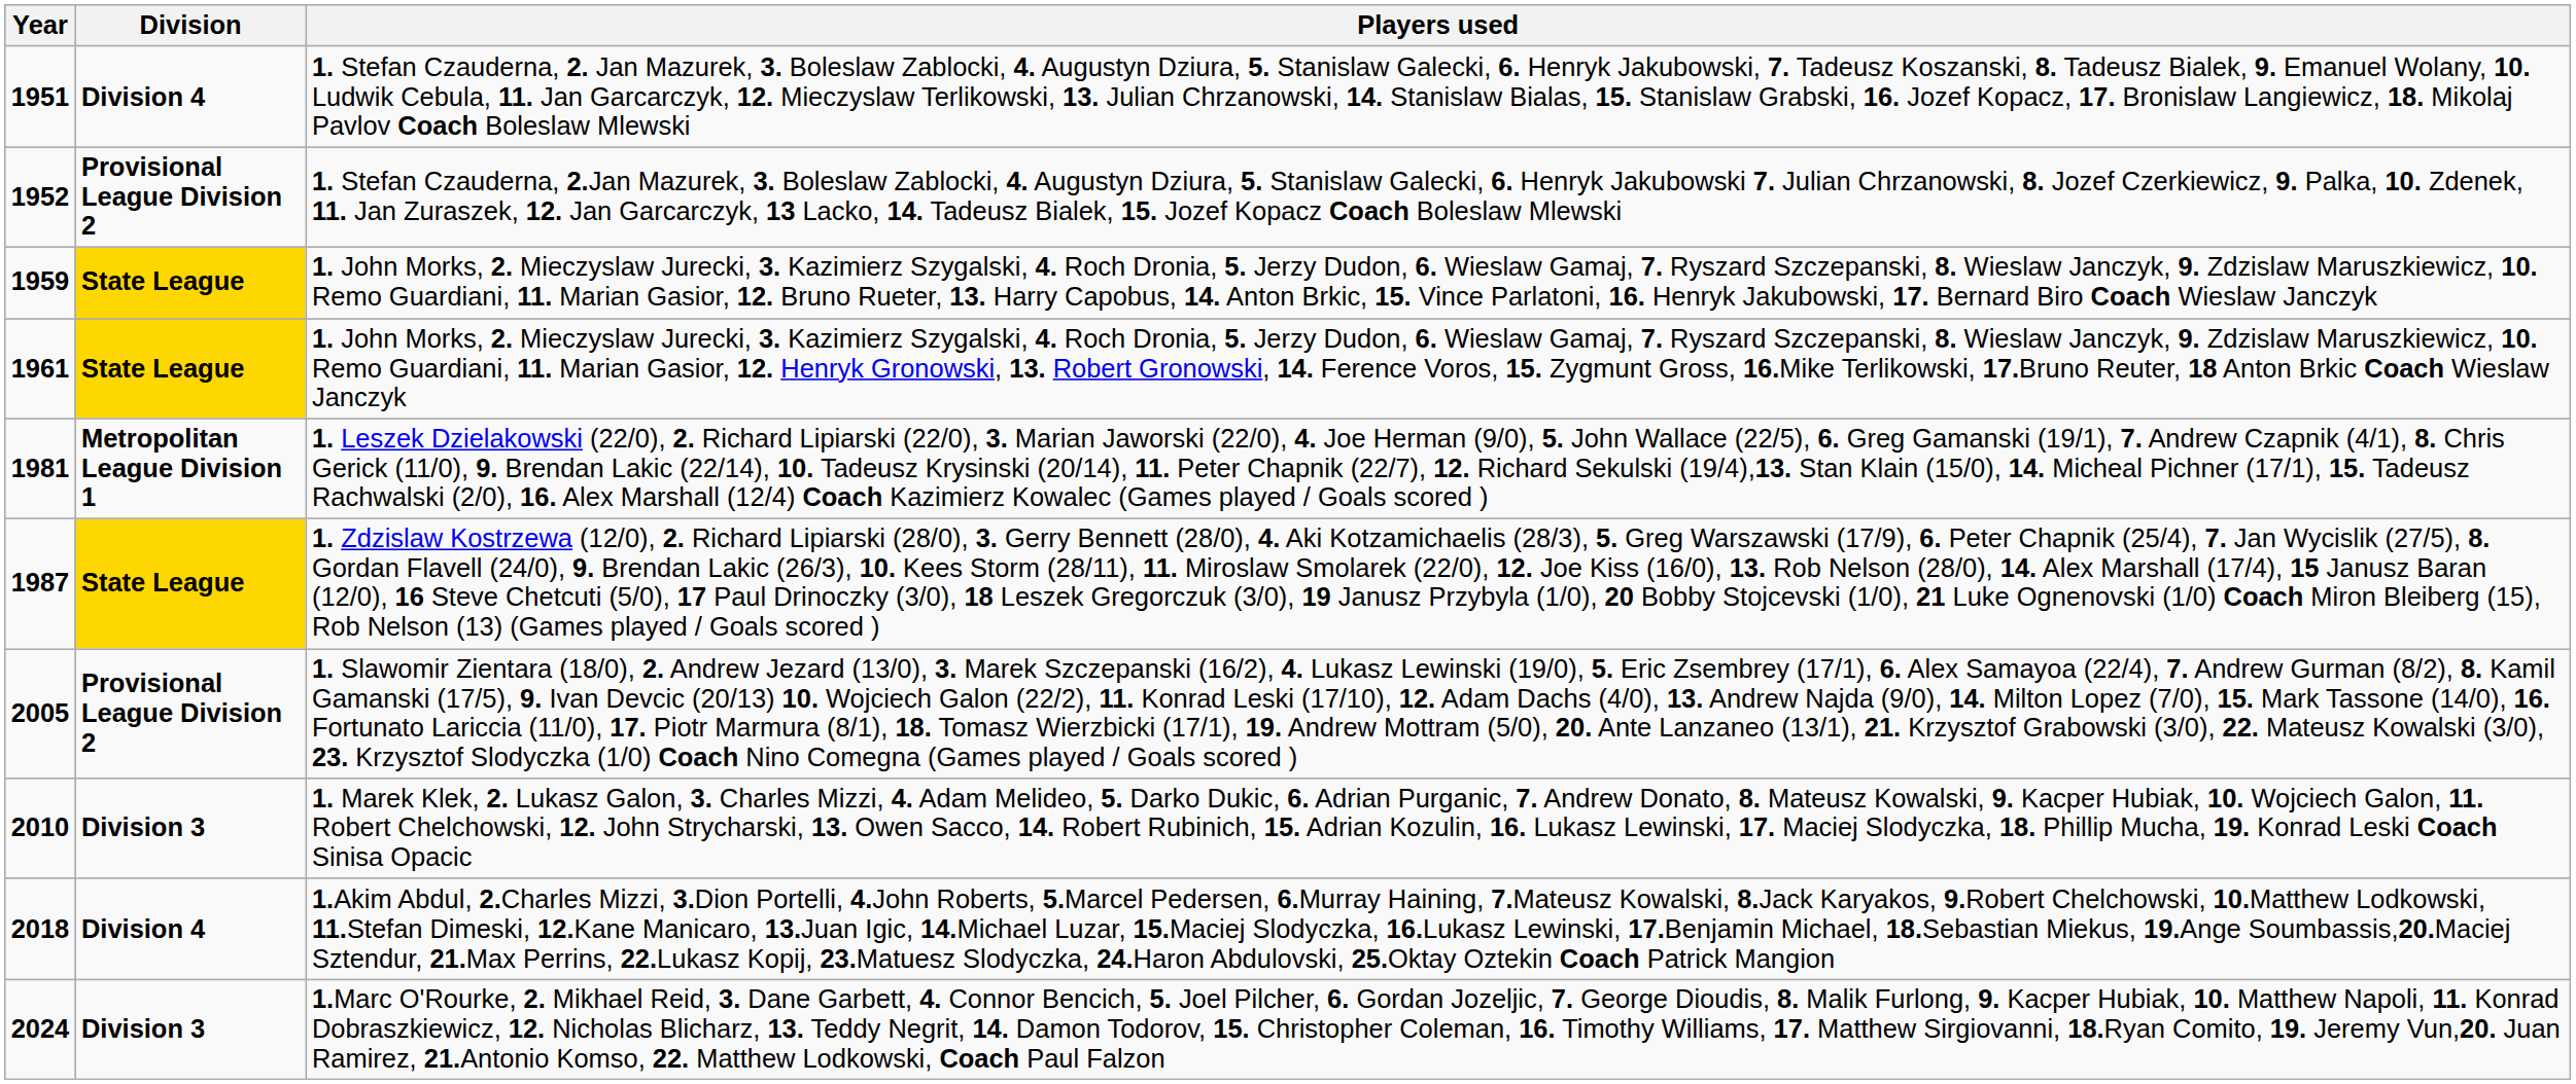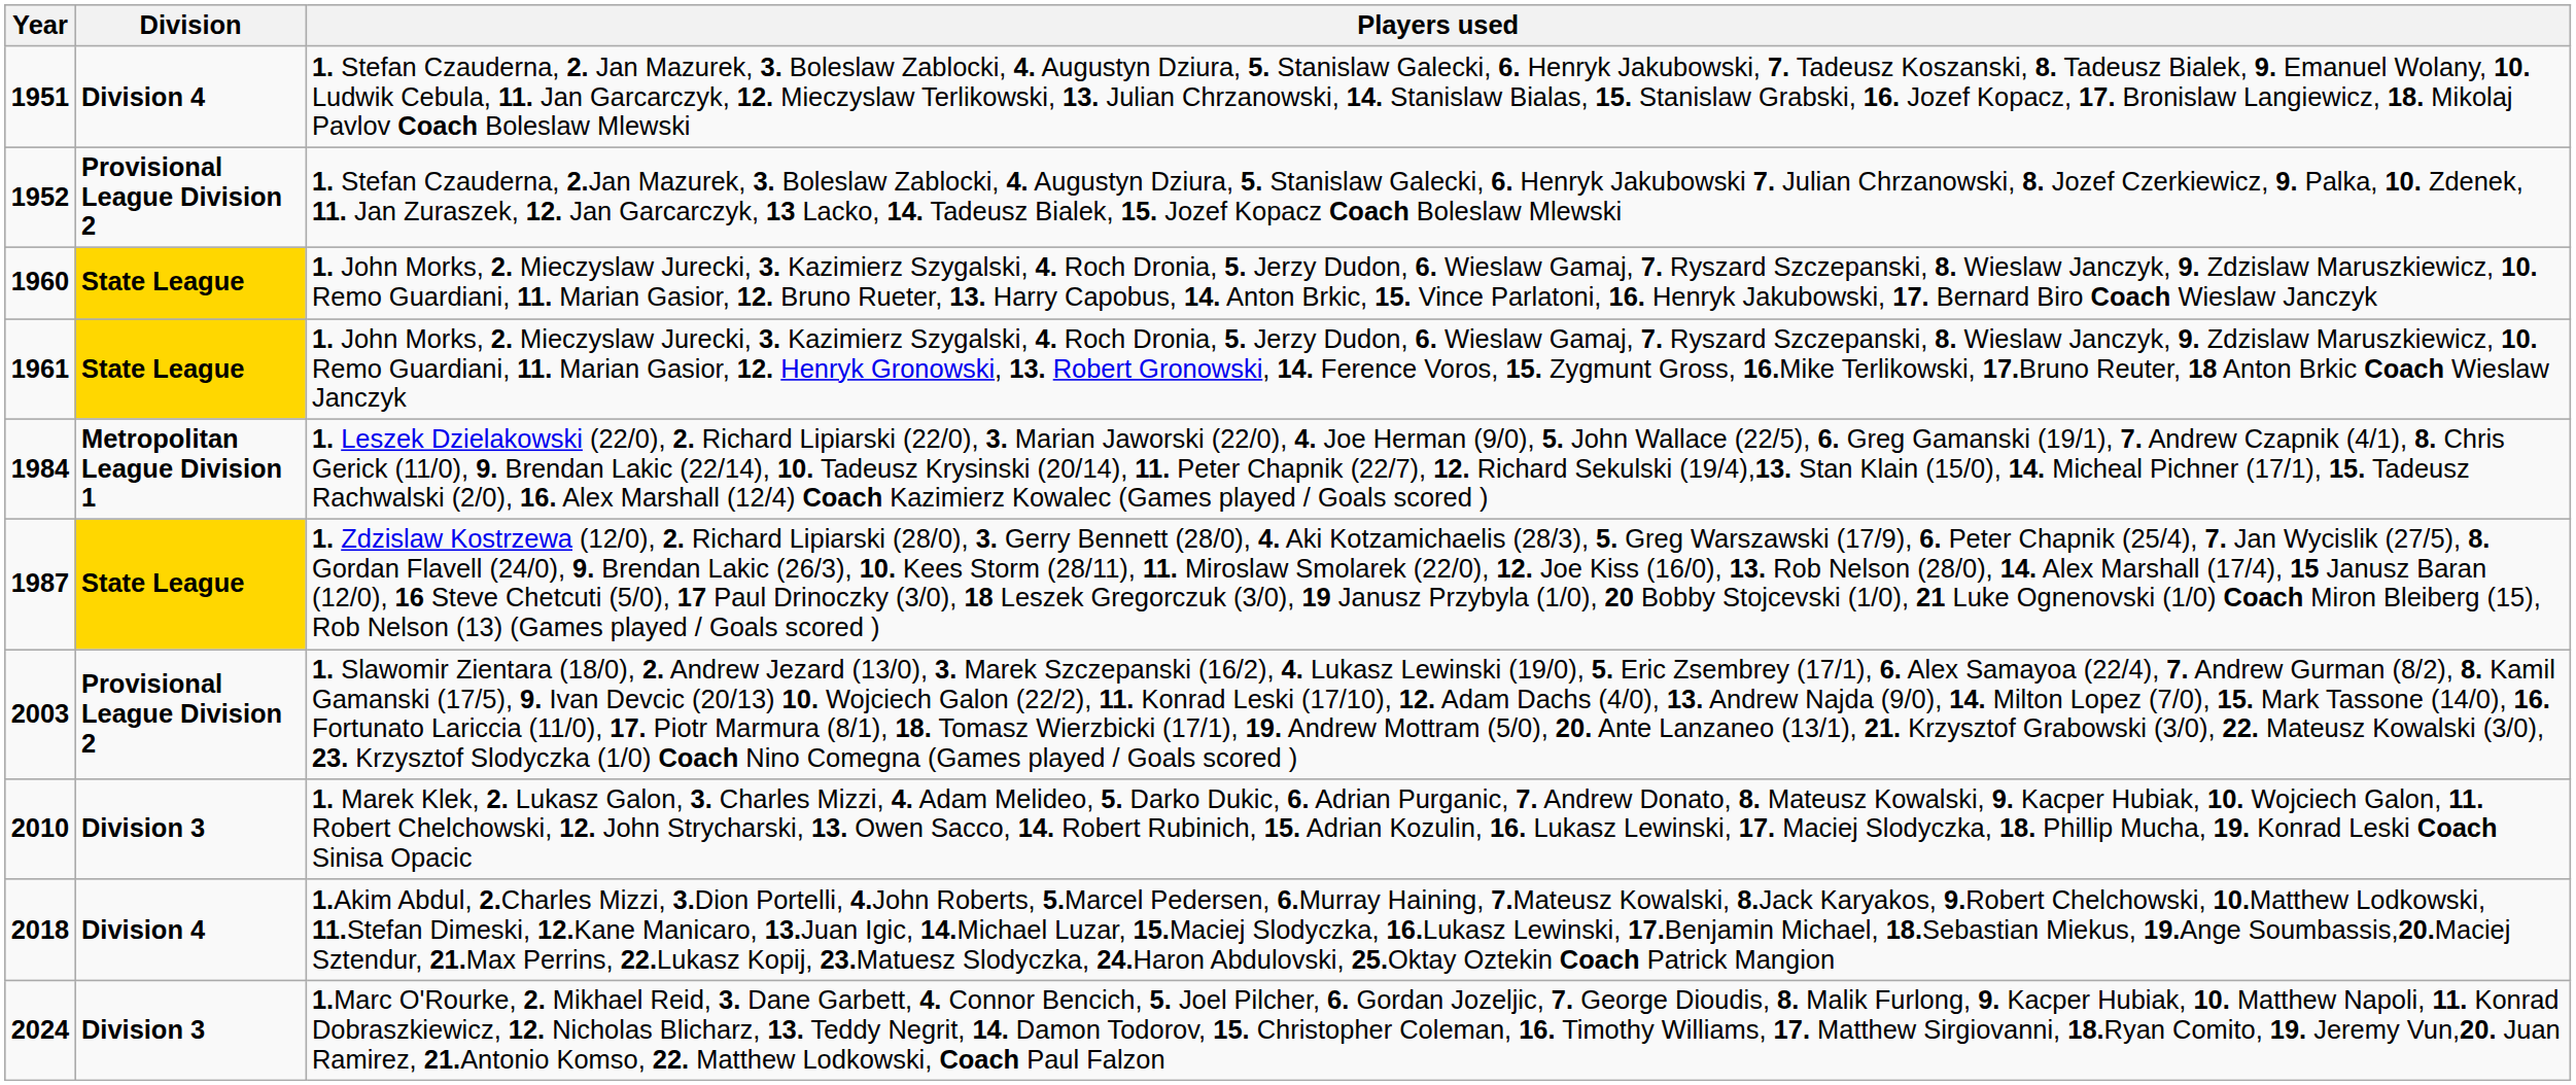 <table class="wikitable">
 <tr>
 <th>Year</th>
 <th>Division</th>
 <th>Players used</th>
 </tr>
 <tr>
 <td><strong>1951</strong></td>
 <td><strong>Division 4</strong></td>
 <td><strong>1.</strong> Stefan Czauderna, <strong>2.</strong> Jan Mazurek, <strong>3.</strong> Boleslaw Zablocki, <strong>4.</strong> Augustyn Dziura, <strong>5.</strong> Stanislaw Galecki, <strong>6.</strong> Henryk Jakubowski, <strong>7.</strong> Tadeusz Koszanski, <strong>8.</strong> Tadeusz Bialek, <strong>9.</strong> Emanuel Wolany, <strong>10.</strong> Ludwik Cebula, <strong>11.</strong> Jan Garcarczyk, <strong>12.</strong> Mieczyslaw Terlikowski, <strong>13.</strong> Julian Chrzanowski, <strong>14.</strong> Stanislaw Bialas, <strong>15.</strong> Stanislaw Grabski, <strong>16.</strong> Jozef Kopacz, <strong>17.</strong> Bronislaw Langiewicz, <strong>18.</strong> Mikolaj Pavlov <strong>Coach</strong> Boleslaw Mlewski</td>
 </tr>
 <tr>
 <td><strong>1952</strong></td>
 <td><strong>Provisional League Division 2</strong></td>
 <td><strong>1.</strong> Stefan Czauderna, <strong>2.</strong>Jan Mazurek, <strong>3.</strong> Boleslaw Zablocki, <strong>4.</strong> Augustyn Dziura, <strong>5.</strong> Stanislaw Galecki, <strong>6.</strong> Henryk Jakubowski <strong>7.</strong> Julian Chrzanowski, <strong>8.</strong>  Jozef Czerkiewicz, <strong>9.</strong> Palka, <strong>10.</strong> Zdenek, <strong>11.</strong> Jan Zuraszek, <strong>12.</strong> Jan Garcarczyk, <strong>13</strong> Lacko, <strong>14.</strong> Tadeusz Bialek, <strong>15.</strong> Jozef Kopacz  <strong>Coach</strong> Boleslaw Mlewski</td>
 </tr>
 <tr>
-<td><strong>1959</strong></td>
+<td><strong>1960</strong></td>
 <td bgcolor=gold><strong>State League</strong></td>
 <td><strong>1.</strong> John Morks, <strong>2.</strong> Mieczyslaw Jurecki, <strong>3.</strong> Kazimierz Szygalski, <strong>4.</strong> Roch Dronia, <strong>5.</strong> Jerzy Dudon, <strong>6.</strong> Wieslaw Gamaj, <strong>7.</strong> Ryszard Szczepanski, <strong>8.</strong> Wieslaw Janczyk, <strong>9.</strong> Zdzislaw Maruszkiewicz, <strong>10.</strong> Remo Guardiani, <strong>11.</strong> Marian Gasior, <strong>12.</strong> Bruno Rueter, <strong>13.</strong> Harry Capobus, <strong>14.</strong> Anton Brkic, <strong>15.</strong> Vince Parlatoni, <strong>16.</strong> Henryk Jakubowski, <strong>17.</strong> Bernard Biro <strong>Coach</strong> Wieslaw Janczyk</td>
 </tr>
 <tr>
 <td><strong>1961</strong></td>
 <td bgcolor=gold><strong>State League</strong></td>
 <td><strong>1.</strong> John Morks, <strong>2.</strong> Mieczyslaw Jurecki, <strong>3.</strong> Kazimierz Szygalski, <strong>4.</strong> Roch Dronia, <strong>5.</strong> Jerzy Dudon, <strong>6.</strong> Wieslaw Gamaj, <strong>7.</strong> Ryszard Szczepanski, <strong>8.</strong> Wieslaw Janczyk, <strong>9.</strong> Zdzislaw Maruszkiewicz, <strong>10.</strong> Remo Guardiani, <strong>11.</strong> Marian Gasior, <strong>12.</strong> <a href='#'>Henryk Gronowski</a>, <strong>13.</strong> <a href='#'>Robert Gronowski</a>, <strong>14.</strong> Ference Voros, <strong>15.</strong> Zygmunt Gross, <strong>16.</strong>Mike Terlikowski, <strong>17.</strong>Bruno Reuter, <strong>18</strong> Anton Brkic <strong>Coach</strong> Wieslaw Janczyk</td>
 </tr>
 <tr>
-<td><strong>1981</strong></td>
+<td><strong>1984</strong></td>
 <td><strong>Metropolitan League Division 1</strong></td>
 <td><strong>1.</strong> <a href='#'>Leszek Dzielakowski</a> (22/0), <strong>2.</strong> Richard Lipiarski (22/0), <strong>3.</strong> Marian Jaworski (22/0), <strong>4.</strong> Joe Herman (9/0), <strong>5.</strong> John Wallace (22/5), <strong>6.</strong> Greg Gamanski (19/1), <strong>7.</strong> Andrew Czapnik (4/1), <strong>8.</strong> Chris Gerick (11/0), <strong>9.</strong> Brendan Lakic (22/14), <strong>10.</strong> Tadeusz Krysinski (20/14), <strong>11.</strong> Peter Chapnik (22/7), <strong>12.</strong> Richard Sekulski (19/4),<strong>13.</strong> Stan Klain (15/0), <strong>14.</strong> Micheal Pichner (17/1), <strong>15.</strong> Tadeusz Rachwalski (2/0), <strong>16.</strong> Alex Marshall (12/4) <strong>Coach</strong> Kazimierz Kowalec (Games played / Goals scored )</td>
 </tr>
 <tr>
 <td><strong>1987</strong></td>
 <td bgcolor=gold><strong>State League</strong></td>
 <td><strong>1.</strong> <a href='#'>Zdzislaw Kostrzewa</a> (12/0), <strong>2.</strong> Richard Lipiarski (28/0), <strong>3.</strong> Gerry Bennett (28/0), <strong>4.</strong> Aki Kotzamichaelis (28/3), <strong>5.</strong> Greg Warszawski (17/9), <strong>6.</strong> Peter Chapnik (25/4), <strong>7.</strong> Jan Wycislik (27/5), <strong>8.</strong> Gordan Flavell (24/0), <strong>9.</strong> Brendan Lakic (26/3), <strong>10.</strong> Kees Storm (28/11), <strong>11.</strong> Miroslaw Smolarek (22/0), <strong>12.</strong> Joe Kiss (16/0), <strong>13.</strong> Rob Nelson (28/0), <strong>14.</strong> Alex Marshall (17/4), <strong>15</strong> Janusz Baran (12/0), <strong>16</strong> Steve Chetcuti (5/0), <strong>17</strong> Paul Drinoczky (3/0), <strong>18</strong> Leszek Gregorczuk (3/0), <strong>19</strong> Janusz Przybyla (1/0), <strong>20</strong> Bobby Stojcevski (1/0), <strong>21</strong> Luke Ognenovski (1/0) <strong>Coach</strong> Miron Bleiberg (15), Rob Nelson (13) (Games played / Goals scored )</td>
 </tr>
 <tr>
-<td><strong>2005</strong></td>
+<td><strong>2003</strong></td>
 <td><strong>Provisional League Division 2</strong></td>
 <td><strong>1.</strong> Slawomir Zientara (18/0), <strong>2.</strong> Andrew Jezard (13/0), <strong>3.</strong> Marek Szczepanski (16/2), <strong>4.</strong> Lukasz Lewinski (19/0), <strong>5.</strong> Eric Zsembrey (17/1), <strong>6.</strong> Alex Samayoa (22/4), <strong>7.</strong> Andrew Gurman (8/2), <strong>8.</strong> Kamil Gamanski (17/5), <strong>9.</strong> Ivan Devcic (20/13) <strong>10.</strong> Wojciech Galon (22/2), <strong>11.</strong> Konrad Leski (17/10), <strong>12.</strong> Adam Dachs (4/0), <strong>13.</strong> Andrew Najda (9/0), <strong>14.</strong> Milton Lopez (7/0), <strong>15.</strong> Mark Tassone (14/0), <strong>16.</strong> Fortunato Lariccia (11/0), <strong>17.</strong> Piotr Marmura (8/1), <strong>18.</strong> Tomasz Wierzbicki (17/1), <strong>19.</strong> Andrew Mottram (5/0), <strong>20.</strong> Ante Lanzaneo (13/1), <strong>21.</strong> Krzysztof Grabowski (3/0), <strong>22.</strong> Mateusz Kowalski (3/0), <strong>23.</strong> Krzysztof Slodyczka (1/0) <strong>Coach</strong> Nino Comegna (Games played / Goals scored )</td>
 </tr>
 <tr>
 <td><strong>2010</strong></td>
 <td><strong>Division 3</strong></td>
 <td><strong>1.</strong> Marek Klek, <strong>2.</strong> Lukasz Galon, <strong>3.</strong> Charles Mizzi, <strong>4.</strong> Adam Melideo, <strong>5.</strong> Darko Dukic, <strong>6.</strong> Adrian Purganic, <strong>7.</strong> Andrew Donato, <strong>8.</strong> Mateusz Kowalski, <strong>9.</strong> Kacper Hubiak, <strong>10.</strong> Wojciech Galon, <strong>11.</strong> Robert Chelchowski, <strong>12.</strong> John Strycharski, <strong>13.</strong> Owen Sacco, <strong>14.</strong> Robert Rubinich, <strong>15.</strong> Adrian Kozulin, <strong>16.</strong> Lukasz Lewinski, <strong>17.</strong> Maciej Slodyczka, <strong>18.</strong> Phillip Mucha, <strong>19.</strong> Konrad Leski <strong>Coach</strong> Sinisa Opacic</td>
 </tr>
 <tr>
 <td><strong>2018</strong></td>
 <td><strong>Division 4</strong></td>
 <td><strong>1.</strong>Akim Abdul, <strong>2.</strong>Charles Mizzi, <strong>3.</strong>Dion Portelli, <strong>4.</strong>John Roberts, <strong>5.</strong>Marcel Pedersen, <strong>6.</strong>Murray Haining, <strong>7.</strong>Mateusz Kowalski, <strong>8.</strong>Jack Karyakos, <strong>9.</strong>Robert Chelchowski, <strong>10.</strong>Matthew Lodkowski, <strong>11.</strong>Stefan Dimeski, <strong>12.</strong>Kane Manicaro, <strong>13.</strong>Juan Igic, <strong>14.</strong>Michael Luzar, <strong>15.</strong>Maciej Slodyczka, <strong>16.</strong>Lukasz Lewinski, <strong>17.</strong>Benjamin Michael, <strong>18.</strong>Sebastian Miekus, <strong>19.</strong>Ange Soumbassis,<strong>20.</strong>Maciej Sztendur, <strong>21.</strong>Max Perrins, <strong>22.</strong>Lukasz Kopij, <strong>23.</strong>Matuesz Slodyczka, <strong>24.</strong>Haron Abdulovski, <strong>25.</strong>Oktay Oztekin <strong>Coach</strong> Patrick Mangion</td>
 </tr>
 <tr>
 <td><strong>2024</strong></td>
 <td><strong>Division 3</strong></td>
 <td><strong>1.</strong>Marc O'Rourke, <strong>2.</strong> Mikhael Reid, <strong>3.</strong> Dane Garbett, <strong>4.</strong> Connor Bencich, <strong>5.</strong> Joel Pilcher, <strong>6.</strong> Gordan Jozeljic, <strong>7.</strong> George Dioudis, <strong>8.</strong> Malik Furlong, <strong>9.</strong> Kacper Hubiak, <strong>10.</strong> Matthew Napoli, <strong>11.</strong> Konrad Dobraszkiewicz, <strong>12.</strong> Nicholas Blicharz, <strong>13.</strong> Teddy Negrit, <strong>14.</strong> Damon Todorov, <strong>15.</strong> Christopher Coleman, <strong>16.</strong> Timothy Williams, <strong>17.</strong> Matthew Sirgiovanni, <strong>18.</strong>Ryan Comito, <strong>19.</strong> Jeremy Vun,<strong>20.</strong> Juan Ramirez, <strong>21.</strong>Antonio Komso, <strong>22.</strong> Matthew Lodkowski, <strong>Coach</strong> Paul Falzon</td>
 </tr>
 </table>
